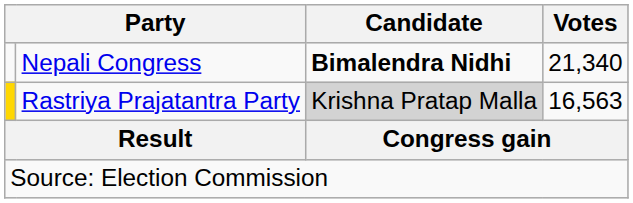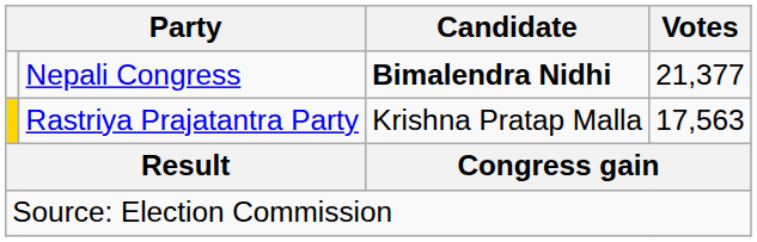 <table class="wikitable">
 <tr>
 <th colspan="2">Party</th>
 <th>Candidate</th>
 <th>Votes</th>
 </tr>
 <tr>
 <td style="background-color:"></td>
 <td><a href='#'>Nepali Congress</a></td>
 <td><strong>Bimalendra Nidhi</strong></td>
-<td>21,340</td>
+<td>21,377</td>
 </tr>
 <tr>
 <td style="background-color:gold"></td>
 <td><a href='#'>Rastriya Prajatantra Party</a></td>
-<td style="background: lightgrey;">Krishna Pratap Malla</td>
-<td>16,563</td>
+<td>Krishna Pratap Malla</td>
+<td>17,563</td>
 </tr>
 <tr>
 <th colspan="2">Result</th>
 <th colspan="2">Congress gain</th>
 </tr>
 <tr>
 <td colspan="4">Source: Election Commission</td>
 </tr>
 </table>
